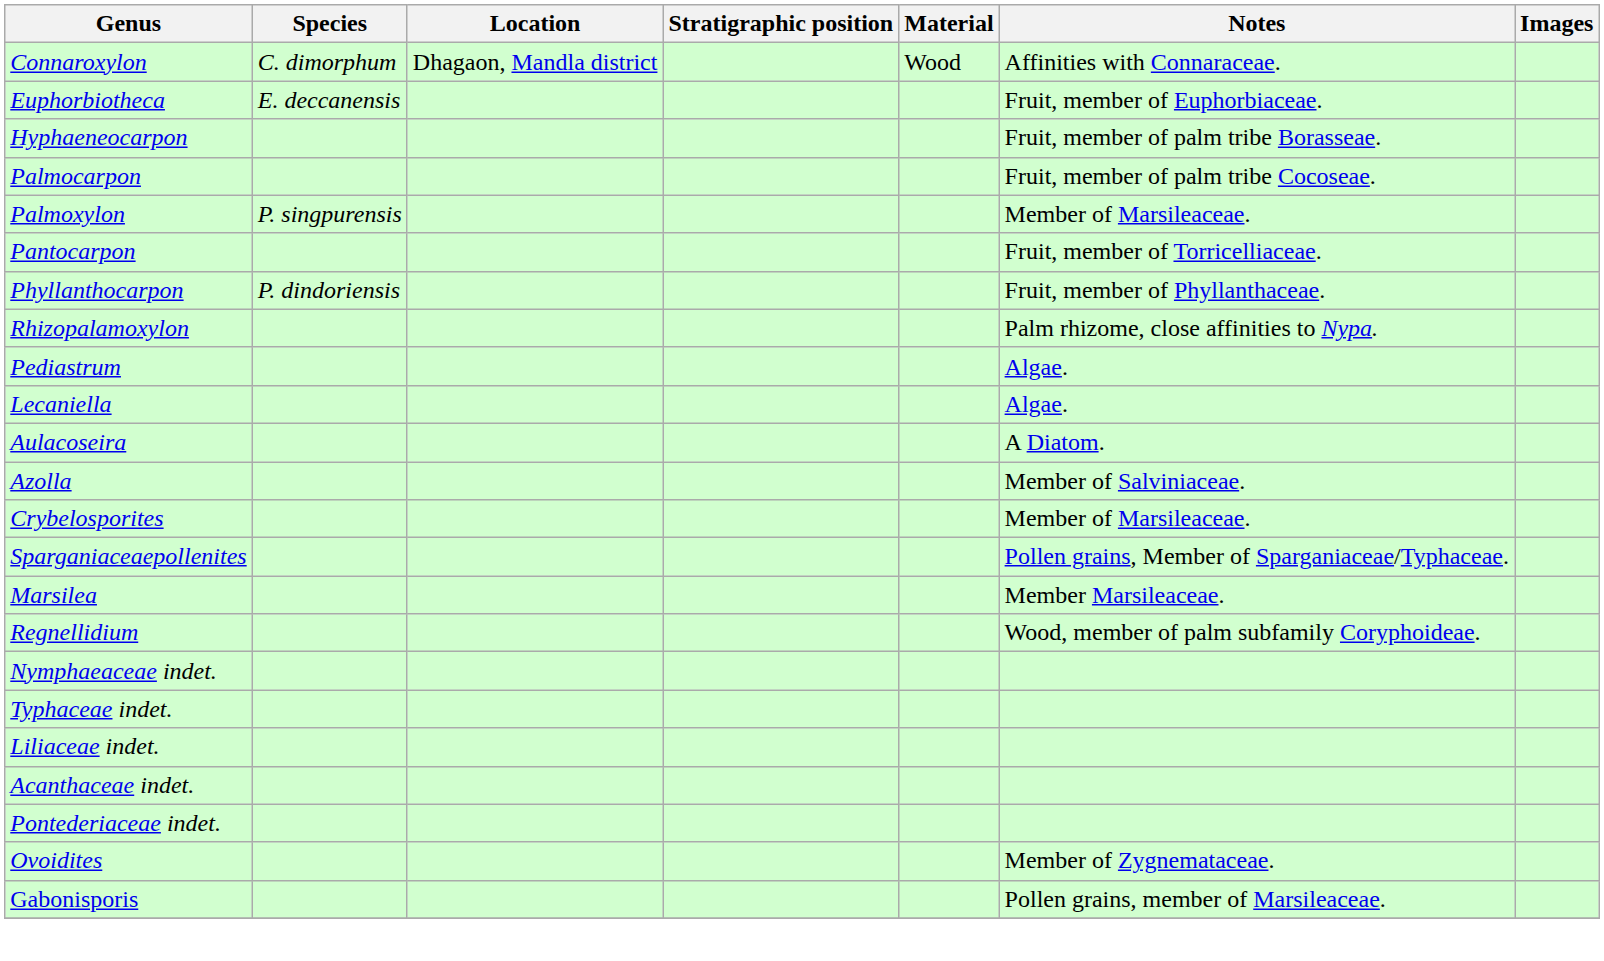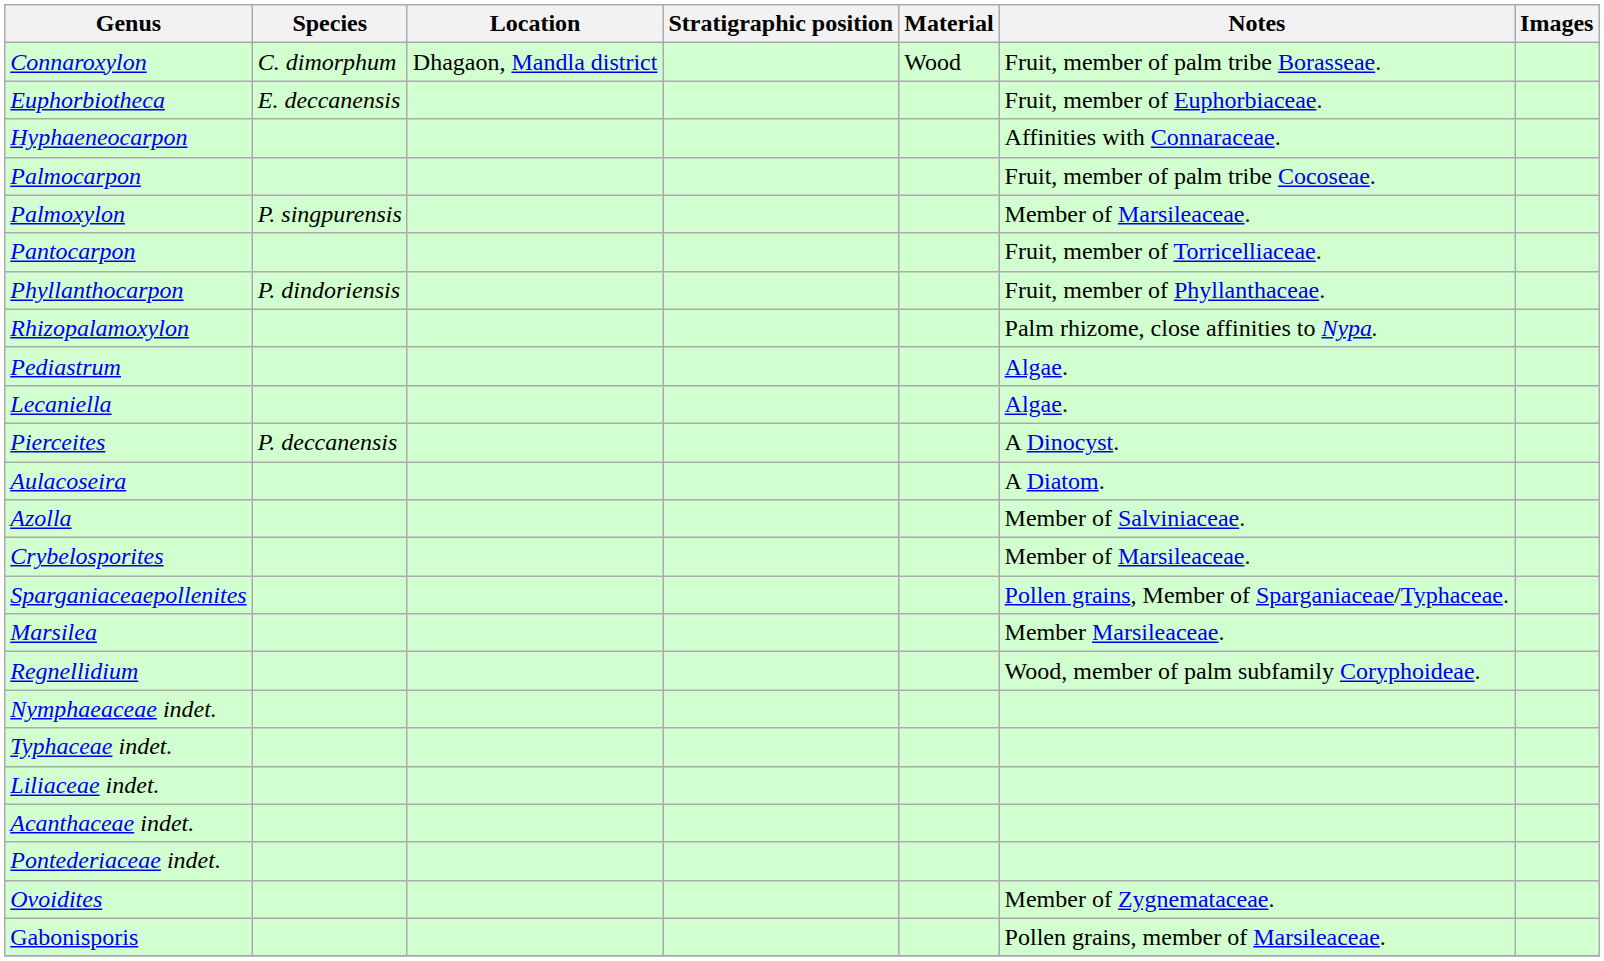 <table class="wikitable" align="center">
 <tr>
 <th>Genus</th>
 <th>Species</th>
 <th>Location</th>
 <th>Stratigraphic position</th>
 <th>Material</th>
 <th>Notes</th>
 <th>Images</th>
 </tr>
 <tr style="background:#D1FFCF;">
 <td><em><a href='#'>Connaroxylon</a></em></td>
 <td><em>C. dimorphum</em></td>
 <td>Dhagaon, <a href='#'>Mandla district</a></td>
 <td></td>
 <td>Wood</td>
-<td>Affinities with <a href='#'>Connaraceae</a>.</td>
+<td>Fruit, member of palm tribe <a href='#'>Borasseae</a>.</td>
 <td></td>
 </tr>
 <tr style="background:#D1FFCF;">
 <td><em><a href='#'>Euphorbiotheca</a></em></td>
 <td><em>E. deccanensis</em></td>
 <td></td>
 <td></td>
 <td></td>
 <td>Fruit, member of <a href='#'>Euphorbiaceae</a>.</td>
 <td></td>
 </tr>
 <tr style="background:#D1FFCF;">
 <td><em><a href='#'>Hyphaeneocarpon</a></em></td>
 <td></td>
 <td></td>
 <td></td>
 <td></td>
-<td>Fruit, member of palm tribe <a href='#'>Borasseae</a>.</td>
+<td>Affinities with <a href='#'>Connaraceae</a>.</td>
 <td></td>
 </tr>
 <tr style="background:#D1FFCF;">
 <td><em><a href='#'>Palmocarpon</a></em></td>
 <td></td>
 <td></td>
 <td></td>
 <td></td>
 <td>Fruit, member of palm tribe <a href='#'>Cocoseae</a>.</td>
 <td></td>
 </tr>
 <tr style="background:#D1FFCF;">
 <td><em><a href='#'>Palmoxylon</a></em></td>
 <td><em>P. singpurensis</em></td>
 <td></td>
 <td></td>
 <td></td>
 <td>Member of <a href='#'>Marsileaceae</a>.</td>
 <td></td>
 </tr>
 <tr style="background:#D1FFCF;">
 <td><em><a href='#'>Pantocarpon</a></em></td>
 <td></td>
 <td></td>
 <td></td>
 <td></td>
 <td>Fruit, member of <a href='#'>Torricelliaceae</a>.</td>
 <td></td>
 </tr>
 <tr style="background:#D1FFCF;">
 <td><em><a href='#'>Phyllanthocarpon</a></em></td>
 <td><em>P. dindoriensis</em></td>
 <td></td>
 <td></td>
 <td></td>
 <td>Fruit, member of <a href='#'>Phyllanthaceae</a>.</td>
 <td></td>
 </tr>
 <tr style="background:#D1FFCF;">
 <td><em><a href='#'>Rhizopalamoxylon</a></em></td>
 <td></td>
 <td></td>
 <td></td>
 <td></td>
 <td>Palm rhizome, close affinities to <em><a href='#'>Nypa</a>.</em></td>
 <td></td>
 </tr>
 <tr style="background:#D1FFCF;">
 <td><em><a href='#'>Pediastrum</a></em></td>
 <td></td>
 <td></td>
 <td></td>
 <td></td>
 <td><a href='#'>Algae</a>.</td>
 <td></td>
 </tr>
 <tr style="background:#D1FFCF;">
 <td><em><a href='#'>Lecaniella</a></em></td>
 <td></td>
 <td></td>
 <td></td>
 <td></td>
 <td><a href='#'>Algae</a>.</td>
+<td></td>
+</tr>
+<tr style="background:#D1FFCF;">
+<td><em><a href='#'>Pierceites</a></em></td>
+<td><em>P. deccanensis</em></td>
+<td></td>
+<td></td>
+<td></td>
+<td>A <a href='#'>Dinocyst</a>.</td>
 <td></td>
 </tr>
 <tr style="background:#D1FFCF;">
 <td><em><a href='#'>Aulacoseira</a></em></td>
 <td></td>
 <td></td>
 <td></td>
 <td></td>
 <td>A <a href='#'>Diatom</a>.</td>
 <td></td>
 </tr>
 <tr style="background:#D1FFCF;">
 <td><em><a href='#'>Azolla</a></em></td>
 <td></td>
 <td></td>
 <td></td>
 <td></td>
 <td>Member of <a href='#'>Salviniaceae</a>.</td>
 <td></td>
 </tr>
 <tr style="background:#D1FFCF;">
 <td><em><a href='#'>Crybelosporites</a></em></td>
 <td></td>
 <td></td>
 <td></td>
 <td></td>
 <td>Member of <a href='#'>Marsileaceae</a>.</td>
 <td></td>
 </tr>
 <tr style="background:#D1FFCF;">
 <td><em><a href='#'>Sparganiaceaepollenites</a></em></td>
 <td></td>
 <td></td>
 <td></td>
 <td></td>
 <td><a href='#'>Pollen grains</a>, Member of <a href='#'>Sparganiaceae</a>/<a href='#'>Typhaceae</a>.</td>
 <td></td>
 </tr>
 <tr style="background:#D1FFCF;">
 <td><em><a href='#'>Marsilea </a></em></td>
 <td></td>
 <td></td>
 <td></td>
 <td></td>
 <td>Member <a href='#'>Marsileaceae</a>.</td>
 <td></td>
 </tr>
 <tr style="background:#D1FFCF;">
 <td><em><a href='#'>Regnellidium</a></em></td>
 <td></td>
 <td></td>
 <td></td>
 <td></td>
 <td>Wood, member of palm subfamily <a href='#'>Coryphoideae</a>.</td>
 <td></td>
 </tr>
 <tr style="background:#D1FFCF;">
 <td><em><a href='#'>Nymphaeaceae</a> indet.</em></td>
 <td></td>
 <td></td>
 <td></td>
 <td></td>
 <td></td>
 <td></td>
 </tr>
 <tr style="background:#D1FFCF;">
 <td><em><a href='#'>Typhaceae</a> indet.</em></td>
 <td></td>
 <td></td>
 <td></td>
 <td></td>
 <td></td>
 <td></td>
 </tr>
 <tr style="background:#D1FFCF;">
 <td><em><a href='#'>Liliaceae</a> indet.</em></td>
 <td></td>
 <td></td>
 <td></td>
 <td></td>
 <td></td>
 <td></td>
 </tr>
 <tr style="background:#D1FFCF;">
 <td><em><a href='#'>Acanthaceae</a> indet.</em></td>
 <td></td>
 <td></td>
 <td></td>
 <td></td>
 <td></td>
 <td></td>
 </tr>
 <tr style="background:#D1FFCF;">
 <td><em><a href='#'>Pontederiaceae</a> indet.</em></td>
 <td></td>
 <td></td>
 <td></td>
 <td></td>
 <td></td>
 <td></td>
 </tr>
 <tr style="background:#D1FFCF;">
 <td><em><a href='#'>Ovoidites</a></td>
 <td></td>
 <td></td>
 <td></td>
 <td></td>
 <td>Member of <a href='#'>Zygnemataceae</a>.</td>
 <td></td>
 </tr>
 <tr style="background:#D1FFCF;">
 <td></em><a href='#'>Gabonisporis</a><em></td>
 <td></td>
 <td></td>
 <td></td>
 <td></td>
 <td>Pollen grains, member of <a href='#'>Marsileaceae</a>.</td>
 <td></td>
 </tr>
 <tr>
 </tr>
 </table>
